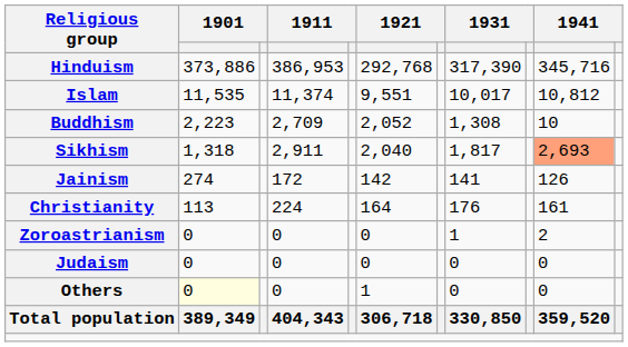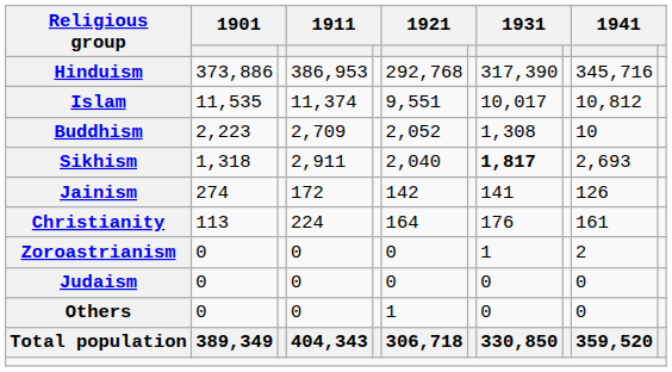 <table class="wikitable sortable">
 <tr>
 <th rowspan="2"><a href='#'>Religious</a><br>group</th>
 <th colspan="2">1901</th>
 <th colspan="2">1911</th>
 <th colspan="2">1921</th>
 <th colspan="2">1931</th>
 <th colspan="2">1941</th>
 </tr>
 <tr>
 <th><a href='#'></a></th>
 <th></th>
 <th></th>
 <th></th>
 <th></th>
 <th></th>
 <th></th>
 <th></th>
 <th></th>
 <th></th>
 </tr>
 <tr>
 <th><a href='#'>Hinduism</a> </th>
 <td>373,886</td>
 <td></td>
 <td>386,953</td>
 <td></td>
 <td>292,768</td>
 <td></td>
 <td>317,390</td>
 <td></td>
 <td>345,716</td>
 <td></td>
 </tr>
 <tr>
 <th><a href='#'>Islam</a> </th>
 <td>11,535</td>
 <td></td>
 <td>11,374</td>
 <td></td>
 <td>9,551</td>
 <td></td>
 <td>10,017</td>
 <td></td>
 <td>10,812</td>
 <td></td>
 </tr>
 <tr>
 <th><a href='#'>Buddhism</a> </th>
 <td>2,223</td>
 <td></td>
 <td>2,709</td>
 <td></td>
 <td>2,052</td>
 <td></td>
 <td>1,308</td>
 <td></td>
 <td>10</td>
 <td></td>
 </tr>
 <tr>
 <th><a href='#'>Sikhism</a> </th>
 <td>1,318</td>
 <td></td>
 <td>2,911</td>
 <td></td>
 <td>2,040</td>
 <td></td>
-<td>1,817</td>
+<td><strong>1,817</strong></td>
 <td></td>
-<td style="background: lightsalmon;">2,693</td>
+<td>2,693</td>
 <td></td>
 </tr>
 <tr>
 <th><a href='#'>Jainism</a> </th>
 <td>274</td>
 <td></td>
 <td>172</td>
 <td></td>
 <td>142</td>
 <td></td>
 <td>141</td>
 <td></td>
 <td>126</td>
 <td></td>
 </tr>
 <tr>
 <th><a href='#'>Christianity</a> </th>
 <td>113</td>
 <td></td>
 <td>224</td>
 <td></td>
 <td>164</td>
 <td></td>
 <td>176</td>
 <td></td>
 <td>161</td>
 <td></td>
 </tr>
 <tr>
 <th><a href='#'>Zoroastrianism</a> </th>
 <td>0</td>
 <td></td>
 <td>0</td>
 <td></td>
 <td>0</td>
 <td></td>
 <td>1</td>
 <td></td>
 <td>2</td>
 <td></td>
 </tr>
 <tr>
 <th><a href='#'>Judaism</a> </th>
 <td>0</td>
 <td></td>
 <td>0</td>
 <td></td>
 <td>0</td>
 <td></td>
 <td>0</td>
 <td></td>
 <td>0</td>
 <td></td>
 </tr>
 <tr>
 <th>Others</th>
-<td style="background: lightyellow;">0</td>
+<td>0</td>
 <td></td>
 <td>0</td>
 <td></td>
 <td>1</td>
 <td></td>
 <td>0</td>
 <td></td>
 <td>0</td>
 <td></td>
 </tr>
 <tr>
 <th>Total population</th>
 <th>389,349</th>
 <th></th>
 <th>404,343</th>
 <th></th>
 <th>306,718</th>
 <th></th>
 <th>330,850</th>
 <th></th>
 <th>359,520</th>
 <th></th>
 </tr>
 <tr class="sortbottom">
 <td colspan="11"></td>
 </tr>
 </table>
